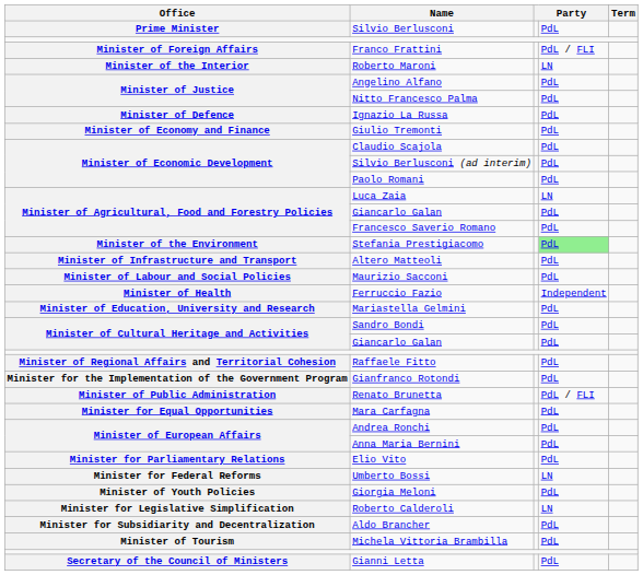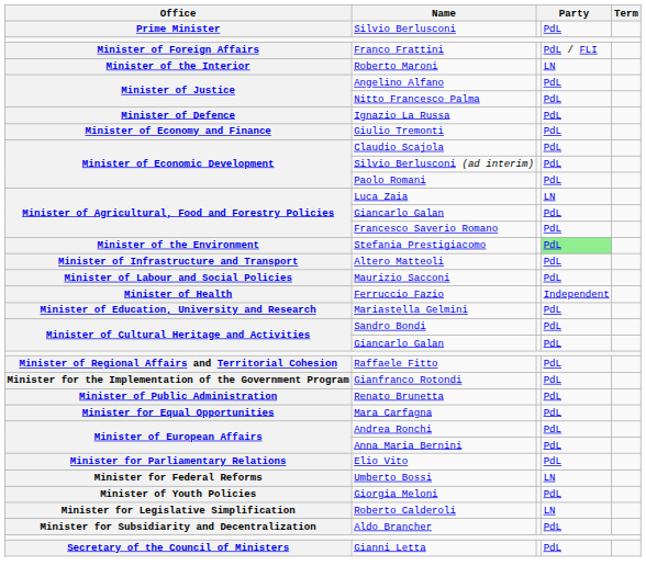 <table class="wikitable" style="font-size: 100%;">
 <tr>
 <th>Office</th>
 <th>Name</th>
 <th colspan=2>Party</th>
 <th>Term</th>
 </tr>
 <tr>
 <th><a href='#'>Prime Minister</a></th>
 <td><a href='#'>Silvio Berlusconi</a></td>
 <td style="color:inherit;background:"></td>
 <td><a href='#'>PdL</a></td>
 <td></td>
 </tr>
 <tr>
 <td colspan=5></td>
 </tr>
 <tr>
 <th><a href='#'>Minister of Foreign Affairs</a></th>
 <td><a href='#'>Franco Frattini</a></td>
 <td style="color:inherit;background:"></td>
 <td><a href='#'>PdL</a> / <a href='#'>FLI</a></td>
 <td></td>
 </tr>
 <tr>
 <th><a href='#'>Minister of the Interior</a></th>
 <td><a href='#'>Roberto Maroni</a></td>
 <td style="color:inherit;background:"></td>
 <td><a href='#'>LN</a></td>
 <td></td>
 </tr>
 <tr>
 <th rowspan=2><a href='#'>Minister of Justice</a></th>
 <td><a href='#'>Angelino Alfano</a></td>
 <td style="color:inherit;background:"></td>
 <td><a href='#'>PdL</a></td>
 <td></td>
 </tr>
 <tr>
 <td><a href='#'>Nitto Francesco Palma</a></td>
 <td style="color:inherit;background:"></td>
 <td><a href='#'>PdL</a></td>
 <td></td>
 </tr>
 <tr>
 <th><a href='#'>Minister of Defence</a></th>
 <td><a href='#'>Ignazio La Russa</a></td>
 <td style="color:inherit;background:"></td>
 <td><a href='#'>PdL</a></td>
 <td></td>
 </tr>
 <tr>
 <th><a href='#'>Minister of Economy and Finance</a></th>
 <td><a href='#'>Giulio Tremonti</a></td>
 <td style="color:inherit;background:"></td>
 <td><a href='#'>PdL</a></td>
 <td></td>
 </tr>
 <tr>
 <th rowspan=3><a href='#'>Minister of Economic Development</a></th>
 <td><a href='#'>Claudio Scajola</a></td>
 <td style="color:inherit;background:"></td>
 <td><a href='#'>PdL</a></td>
 <td></td>
 </tr>
 <tr>
 <td><a href='#'>Silvio Berlusconi</a> <em>(ad interim)</em></td>
 <td style="color:inherit;background:"></td>
 <td><a href='#'>PdL</a></td>
 <td></td>
 </tr>
 <tr>
 <td><a href='#'>Paolo Romani</a></td>
 <td style="color:inherit;background:"></td>
 <td><a href='#'>PdL</a></td>
 <td></td>
 </tr>
 <tr>
 <th rowspan=3><a href='#'>Minister of Agricultural, Food and Forestry Policies</a></th>
 <td><a href='#'>Luca Zaia</a></td>
 <td style="color:inherit;background:"></td>
 <td><a href='#'>LN</a></td>
 <td></td>
 </tr>
 <tr>
 <td><a href='#'>Giancarlo Galan</a></td>
 <td style="color:inherit;background:"></td>
 <td><a href='#'>PdL</a></td>
 <td></td>
 </tr>
 <tr>
 <td><a href='#'>Francesco Saverio Romano</a></td>
 <td style="color:inherit;background:"></td>
 <td><a href='#'>PdL</a></td>
 <td></td>
 </tr>
 <tr>
 <th><a href='#'>Minister of the Environment</a></th>
 <td><a href='#'>Stefania Prestigiacomo</a></td>
 <td style="color:inherit;background:"></td>
 <td style="background: lightgreen;"><a href='#'>PdL</a></td>
 <td></td>
 </tr>
 <tr>
 <th><a href='#'>Minister of Infrastructure and Transport</a></th>
 <td><a href='#'>Altero Matteoli</a></td>
 <td style="color:inherit;background:"></td>
 <td><a href='#'>PdL</a></td>
 <td></td>
 </tr>
 <tr>
 <th><a href='#'>Minister of Labour and Social Policies</a></th>
 <td><a href='#'>Maurizio Sacconi</a></td>
 <td style="color:inherit;background:"></td>
 <td><a href='#'>PdL</a></td>
 <td></td>
 </tr>
 <tr>
 <th><a href='#'>Minister of Health</a></th>
 <td><a href='#'>Ferruccio Fazio</a></td>
 <td style="color:inherit;background:"></td>
 <td><a href='#'>Independent</a></td>
 <td></td>
 </tr>
 <tr>
 <th><a href='#'>Minister of Education, University and Research</a></th>
 <td><a href='#'>Mariastella Gelmini</a></td>
 <td style="color:inherit;background:"></td>
 <td><a href='#'>PdL</a></td>
 <td></td>
 </tr>
 <tr>
 <th rowspan=2><a href='#'>Minister of Cultural Heritage and Activities</a></th>
 <td><a href='#'>Sandro Bondi</a></td>
 <td style="color:inherit;background:"></td>
 <td><a href='#'>PdL</a></td>
 <td></td>
 </tr>
 <tr>
 <td><a href='#'>Giancarlo Galan</a></td>
 <td style="color:inherit;background:"></td>
 <td><a href='#'>PdL</a></td>
 <td></td>
 </tr>
 <tr>
 <td colspan=5></td>
 </tr>
 <tr>
 <th><a href='#'>Minister of Regional Affairs</a> and <a href='#'>Territorial Cohesion</a></th>
 <td><a href='#'>Raffaele Fitto</a></td>
 <td style="color:inherit;background:"></td>
 <td><a href='#'>PdL</a></td>
 <td></td>
 </tr>
 <tr>
 <th>Minister for the Implementation of the Government Program</th>
 <td><a href='#'>Gianfranco Rotondi</a></td>
 <td style="color:inherit;background:"></td>
 <td><a href='#'>PdL</a></td>
 <td></td>
 </tr>
 <tr>
 <th><a href='#'>Minister of Public Administration</a></th>
 <td><a href='#'>Renato Brunetta</a></td>
 <td style="color:inherit;background:"></td>
-<td><a href='#'>PdL</a> / <a href='#'>FLI</a></td>
+<td><a href='#'>PdL</a></td>
 <td></td>
 </tr>
 <tr>
 <th><a href='#'>Minister for Equal Opportunities</a></th>
 <td><a href='#'>Mara Carfagna</a></td>
 <td style="color:inherit;background:"></td>
 <td><a href='#'>PdL</a></td>
 <td></td>
 </tr>
 <tr>
 <th rowspan=2><a href='#'>Minister of European Affairs</a></th>
 <td><a href='#'>Andrea Ronchi</a></td>
 <td style="color:inherit;background:"></td>
 <td><a href='#'>PdL</a></td>
 <td></td>
 </tr>
 <tr>
 <td><a href='#'>Anna Maria Bernini</a></td>
 <td style="color:inherit;background:"></td>
 <td><a href='#'>PdL</a></td>
 <td></td>
 </tr>
 <tr>
 <th><a href='#'>Minister for Parliamentary Relations</a></th>
 <td><a href='#'>Elio Vito</a></td>
 <td style="color:inherit;background:"></td>
 <td><a href='#'>PdL</a></td>
 <td></td>
 </tr>
 <tr>
 <th>Minister for Federal Reforms</th>
 <td><a href='#'>Umberto Bossi</a></td>
 <td style="color:inherit;background:"></td>
 <td><a href='#'>LN</a></td>
 <td></td>
 </tr>
 <tr>
 <th>Minister of Youth Policies</th>
 <td><a href='#'>Giorgia Meloni</a></td>
 <td style="color:inherit;background:"></td>
 <td><a href='#'>PdL</a></td>
 <td></td>
 </tr>
 <tr>
 <th>Minister for Legislative Simplification</th>
 <td><a href='#'>Roberto Calderoli</a></td>
 <td style="color:inherit;background:"></td>
 <td><a href='#'>LN</a></td>
 <td></td>
 </tr>
 <tr>
 <th>Minister for Subsidiarity and Decentralization</th>
 <td><a href='#'>Aldo Brancher</a></td>
 <td style="color:inherit;background:"></td>
 <td><a href='#'>PdL</a></td>
 <td></td>
 </tr>
 <tr>
-<th>Minister of Tourism</th>
-<td><a href='#'>Michela Vittoria Brambilla</a></td>
-<td style="color:inherit;background:"></td>
-<td><a href='#'>PdL</a></td>
-<td></td>
-</tr>
-<tr>
 <td colspan=5></td>
 </tr>
 <tr>
 <th><a href='#'>Secretary of the Council of Ministers</a></th>
 <td><a href='#'>Gianni Letta</a></td>
 <td style="color:inherit;background:"></td>
 <td><a href='#'>PdL</a></td>
 <td></td>
 </tr>
 </table>
